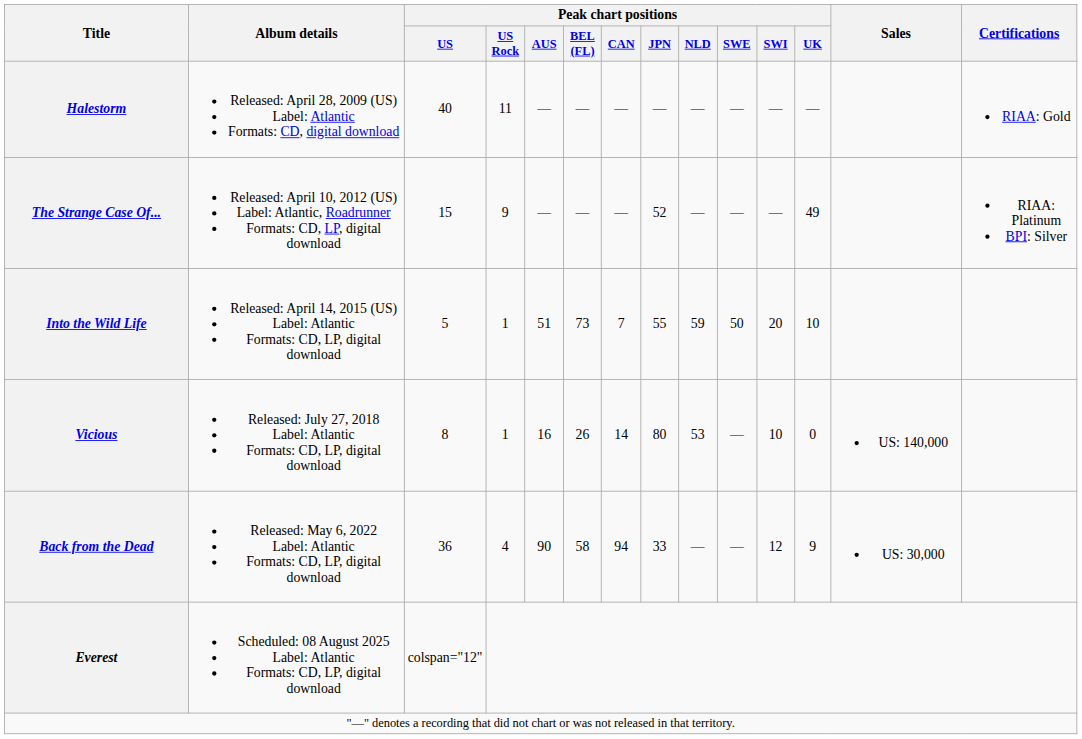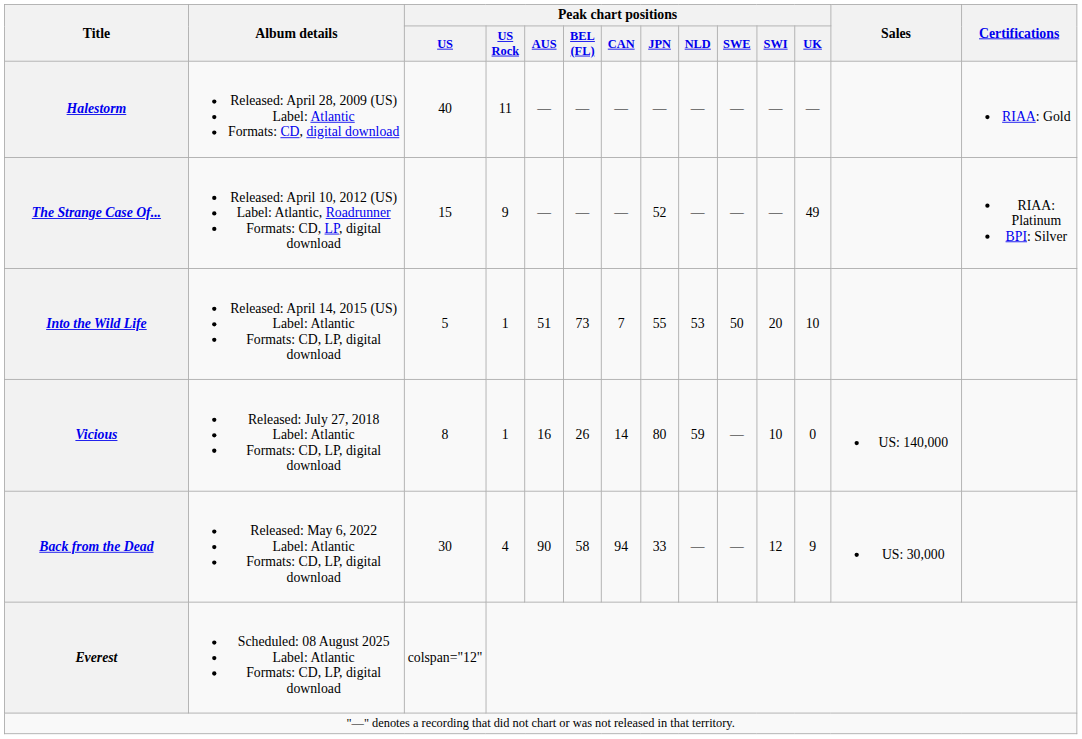 <table class="wikitable plainrowheaders" style="text-align:center;">
 <tr>
 <th scope="col" rowspan="2" style="width:18em;">Title</th>
 <th scope="col" rowspan="2" style="width:20em;">Album details</th>
 <th scope="col" colspan="10">Peak chart positions</th>
 <th scope="col" rowspan="2" style="width:11em;">Sales</th>
 <th scope="col" rowspan="2" style="width:9em;"><a href='#'>Certifications</a></th>
 </tr>
 <tr>
 <th scope="col" style="width:3em;font-size:90%;"><a href='#'>US</a><br></th>
 <th scope="col" style="width:3em;font-size:90%;"><a href='#'>US<br>Rock</a><br></th>
 <th scope="col" style="width:3em;font-size:90%;"><a href='#'>AUS</a><br></th>
 <th scope="col" style="width:3em;font-size:90%;"><a href='#'>BEL<br>(FL)</a><br></th>
 <th scope="col" style="width:3em;font-size:90%;"><a href='#'>CAN</a><br></th>
 <th scope="col" style="width:3em;font-size:90%;"><a href='#'>JPN</a><br></th>
 <th scope="col" style="width:3em;font-size:90%;"><a href='#'>NLD</a><br></th>
 <th scope="col" style="width:3em;font-size:90%;"><a href='#'>SWE</a><br></th>
 <th scope="col" style="width:3em;font-size:90%;"><a href='#'>SWI</a><br></th>
 <th scope="col" style="width:3em;font-size:90%;"><a href='#'>UK</a><br></th>
 </tr>
 <tr>
 <th scope="row"><em><a href='#'>Halestorm</a></em></th>
 <td><br><ul><li>Released: April 28, 2009 <span>(US)</span></li><li>Label: <a href='#'>Atlantic</a></li><li>Formats: <a href='#'>CD</a>, <a href='#'>digital download</a></li></ul></td>
 <td>40</td>
 <td>11</td>
 <td>—</td>
 <td>—</td>
 <td>—</td>
 <td>—</td>
 <td>—</td>
 <td>—</td>
 <td>—</td>
 <td>—</td>
 <td></td>
 <td><br><ul><li><a href='#'>RIAA</a>: Gold</li></ul></td>
 </tr>
 <tr>
 <th scope="row"><em><a href='#'>The Strange Case Of...</a></em></th>
 <td><br><ul><li>Released: April 10, 2012 <span>(US)</span></li><li>Label: Atlantic, <a href='#'>Roadrunner</a></li><li>Formats: CD, <a href='#'>LP</a>, digital download</li></ul></td>
 <td>15</td>
 <td>9</td>
 <td>—</td>
 <td>—</td>
 <td>—</td>
 <td>52</td>
 <td>—</td>
 <td>—</td>
 <td>—</td>
 <td>49</td>
 <td></td>
 <td><br><ul><li>RIAA: Platinum</li><li><a href='#'>BPI</a>: Silver</li></ul></td>
 </tr>
 <tr>
 <th scope="row"><em><a href='#'>Into the Wild Life</a></em></th>
 <td><br><ul><li>Released: April 14, 2015 <span>(US)</span></li><li>Label: Atlantic</li><li>Formats: CD, LP, digital download</li></ul></td>
 <td>5</td>
 <td>1</td>
 <td>51</td>
 <td>73</td>
 <td>7</td>
 <td>55</td>
-<td>59</td>
+<td>53</td>
 <td>50</td>
 <td>20</td>
 <td>10</td>
 <td></td>
 <td></td>
 </tr>
 <tr>
 <th scope="row"><em><a href='#'>Vicious</a></em></th>
 <td><br><ul><li>Released: July 27, 2018</li><li>Label: Atlantic</li><li>Formats: CD, LP, digital download</li></ul></td>
 <td>8</td>
 <td>1</td>
 <td>16</td>
 <td>26</td>
 <td>14</td>
 <td>80</td>
-<td>53</td>
+<td>59</td>
 <td>—</td>
 <td>10</td>
 <td>0</td>
 <td><br><ul><li>US: 140,000</li></ul></td>
 <td></td>
 </tr>
 <tr>
 <th scope="row"><em><a href='#'>Back from the Dead</a></em></th>
 <td><br><ul><li>Released: May 6, 2022</li><li>Label: Atlantic</li><li>Formats: CD, LP, digital download</li></ul></td>
-<td>36</td>
+<td>30</td>
 <td>4</td>
 <td>90</td>
 <td>58</td>
 <td>94</td>
 <td>33</td>
 <td>—</td>
 <td>—</td>
 <td>12</td>
 <td>9</td>
 <td><br><ul><li>US: 30,000</li></ul></td>
 <td></td>
 </tr>
 <tr>
 <th scope="row"><em>Everest</em></th>
 <td><br><ul><li>Scheduled: 08 August 2025</li><li>Label: Atlantic</li><li>Formats: CD, LP, digital download</li></ul></td>
 <td>colspan="12" </td>
 </tr>
 <tr>
 <td colspan="14" style="font-size:90%">"—" denotes a recording that did not chart or was not released in that territory.</td>
 </tr>
 </table>
